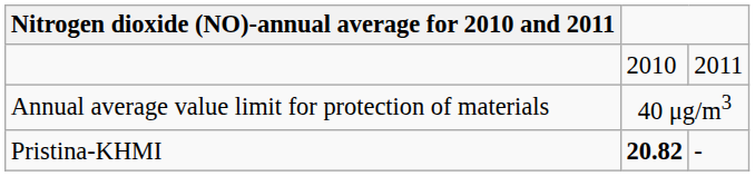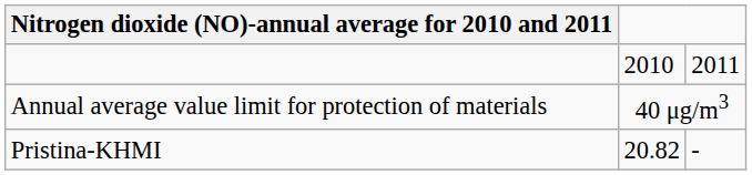 <table class="wikitable">
 <tr>
 <th>Nitrogen dioxide (NO)-annual average for 2010 and 2011</th>
 </tr>
 <tr>
 <td></td>
 <td>2010</td>
 <td>2011</td>
 </tr>
 <tr>
 <td>Annual average value limit for protection of materials</td>
 <td colspan="2" style="text-align: center;">40 μg/m<sup>3</sup></td>
 </tr>
 <tr>
 <td>Pristina-KHMI</td>
-<td><strong>20.82</strong></td>
+<td>20.82</td>
 <td>-</td>
 </tr>
 </table>
